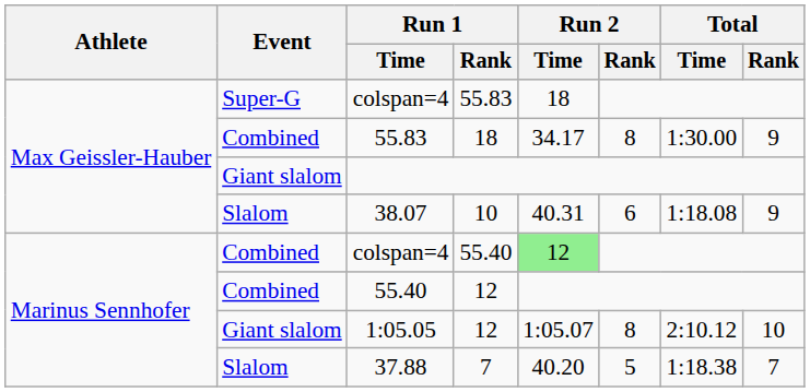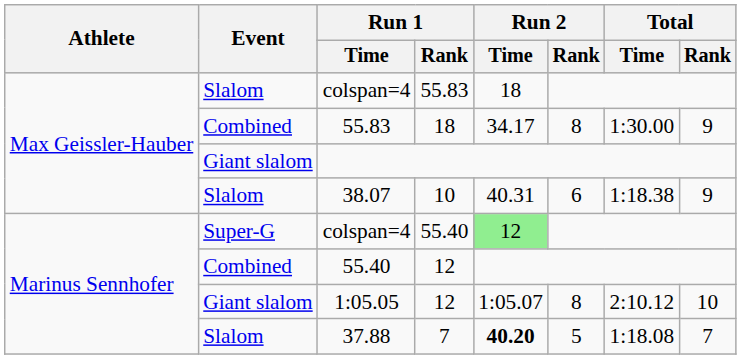 <table class="wikitable" style="font-size:90%">
 <tr>
 <th rowspan=2>Athlete</th>
 <th rowspan=2>Event</th>
 <th colspan=2>Run 1</th>
 <th colspan=2>Run 2</th>
 <th colspan=2>Total</th>
 </tr>
 <tr style="font-size:95%">
 <th>Time</th>
 <th>Rank</th>
 <th>Time</th>
 <th>Rank</th>
 <th>Time</th>
 <th>Rank</th>
 </tr>
 <tr align=center>
 <td align="left" rowspan="4"><a href='#'>Max Geissler-Hauber</a></td>
-<td align="left"><a href='#'>Super-G</a></td>
+<td align="left"><a href='#'>Slalom</a></td>
 <td>colspan=4</td>
 <td>55.83</td>
 <td>18</td>
 </tr>
 <tr align=center>
 <td align="left"><a href='#'>Combined</a></td>
 <td>55.83</td>
 <td>18</td>
 <td>34.17</td>
 <td>8</td>
 <td>1:30.00</td>
 <td>9</td>
 </tr>
 <tr align=center>
 <td align="left"><a href='#'>Giant slalom</a></td>
 <td colspan=6></td>
 </tr>
 <tr align=center>
 <td align="left"><a href='#'>Slalom</a></td>
 <td>38.07</td>
 <td>10</td>
 <td>40.31</td>
 <td>6</td>
-<td>1:18.08</td>
+<td>1:18.38</td>
 <td>9</td>
 </tr>
 <tr align=center>
 <td align="left" rowspan="4"><a href='#'>Marinus Sennhofer</a></td>
-<td align="left"><a href='#'>Combined</a></td>
+<td align="left"><a href='#'>Super-G</a></td>
 <td>colspan=4</td>
 <td>55.40</td>
 <td style="background: lightgreen;">12</td>
 </tr>
 <tr align=center>
 <td align="left"><a href='#'>Combined</a></td>
 <td>55.40</td>
 <td>12</td>
 <td colspan=4></td>
 </tr>
 <tr align=center>
 <td align="left"><a href='#'>Giant slalom</a></td>
 <td>1:05.05</td>
 <td>12</td>
 <td>1:05.07</td>
 <td>8</td>
 <td>2:10.12</td>
 <td>10</td>
 </tr>
 <tr align=center>
 <td align="left"><a href='#'>Slalom</a></td>
 <td>37.88</td>
 <td>7</td>
-<td>40.20</td>
+<td><strong>40.20</strong></td>
 <td>5</td>
-<td>1:18.38</td>
+<td>1:18.08</td>
 <td>7</td>
 </tr>
 </table>
